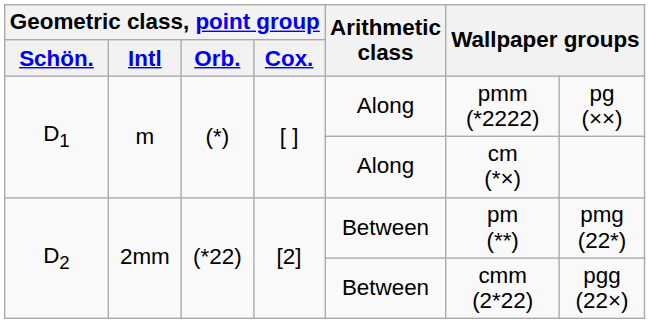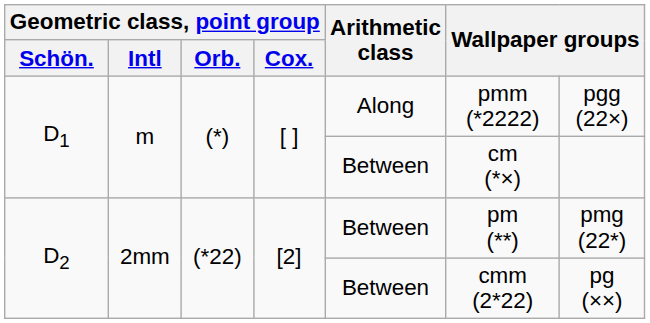 <table class="wikitable">
 <tr>
 <th colspan=4>Geometric class, <a href='#'>point group</a></th>
 <th rowspan=2>Arithmetic <br>class</th>
 <th rowspan=2 colspan=2>Wallpaper groups</th>
 </tr>
 <tr align=center>
 <th><a href='#'>Schön.</a></th>
 <th><a href='#'>Intl</a></th>
 <th><a href='#'>Orb.</a></th>
 <th><a href='#'>Cox.</a></th>
 </tr>
 <tr align=center>
 <td rowspan=2>D<sub>1</sub></td>
 <td rowspan=2>m</td>
 <td rowspan=2>(*)</td>
 <td rowspan=2>[ ]</td>
 <td>Along</td>
 <td>pmm<br>(*2222)</td>
-<td>pg<br>(××)</td>
+<td>pgg<br>(22×)</td>
 </tr>
 <tr align=center>
-<td>Along</td>
+<td>Between</td>
 <td>cm<br>(*×)</td>
 <td> </td>
 </tr>
 <tr align=center>
 <td rowspan=2>D<sub>2</sub></td>
 <td rowspan=2>2mm</td>
 <td rowspan=2>(*22)</td>
 <td rowspan=2>[2]</td>
 <td>Between</td>
 <td>pm<br>(**)</td>
 <td>pmg<br>(22*)</td>
 </tr>
 <tr align=center>
 <td>Between</td>
 <td>cmm<br>(2*22)</td>
-<td>pgg<br>(22×)</td>
+<td>pg<br>(××)</td>
 </tr>
 </table>
